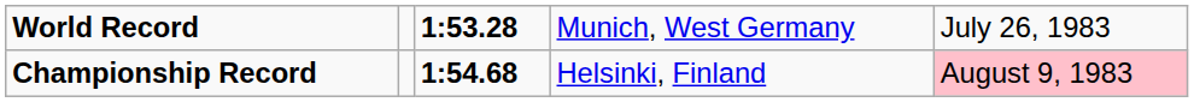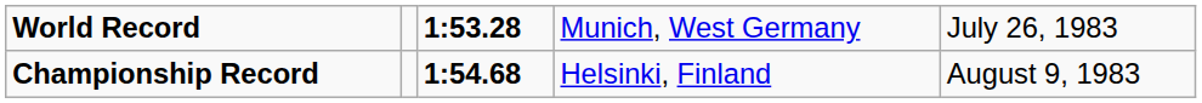 <table class="wikitable" width=75%>
 <tr>
 <td><strong>World Record</strong></td>
 <td></td>
 <td><strong>1:53.28</strong></td>
 <td><a href='#'>Munich</a>, <a href='#'>West Germany</a></td>
 <td>July 26, 1983</td>
 </tr>
 <tr>
 <td><strong>Championship Record</strong></td>
 <td></td>
 <td><strong>1:54.68</strong></td>
 <td><a href='#'>Helsinki</a>, <a href='#'>Finland</a></td>
-<td style="background: pink;">August 9, 1983</td>
+<td>August 9, 1983</td>
 </tr>
 </table>
